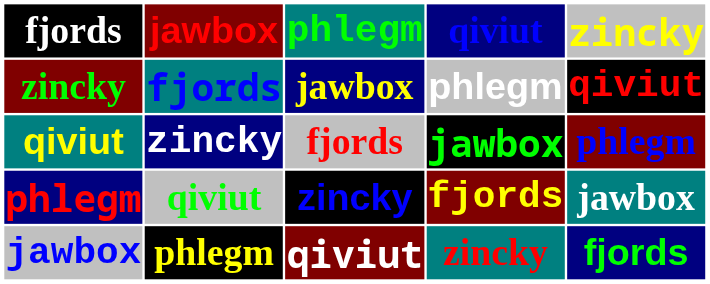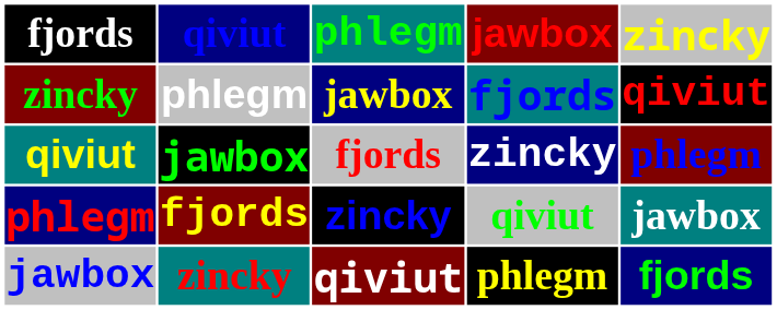 <table style="margin: 1em auto 1em auto; font-size:200%; width:300px">
 <tr>
 <td style="background:black; color:white; font-family:georgia, times, noto serif, serif; font-weight:bold" align=center>fjords</td>
+<td style="background:navy; color:blue; font-family:comic sans ms, cursive; font-weight:bold" align=center>qiviut</td>
+<td style="background:teal; color:lime; font-family:courier new, courier, monospace; font-weight:bold" align=center>phlegm</td>
 <td style="background:maroon; color:red; font-family:verdana, helvetica, noto sans, sans-serif; font-weight:bold" align=center>jawbox</td>
-<td style="background:teal; color:lime; font-family:courier new, courier, monospace; font-weight:bold" align=center>phlegm</td>
-<td style="background:navy; color:blue; font-family:comic sans ms, cursive; font-weight:bold" align=center>qiviut</td>
 <td style="background:silver; color:yellow; font-family:impact, charcoal, noto sans mono, inconsolata,  fantasy; font-weight:bold" align=center>zincky</td>
 </tr>
 <tr>
 <td style="background:maroon; color:lime; font-family:comic sans ms, cursive; font-weight:bold" align=center>zincky</td>
+<td style="background:silver; color:white; font-family:verdana, helvetica, noto sans, sans-serif; font-weight:bold" align=center>phlegm</td>
+<td style="background:navy; color:yellow; font-family:georgia, times, noto serif, serif; font-weight:bold" align=center>jawbox</td>
 <td style="background:teal; color:blue; font-family:impact, charcoal, noto sans mono, inconsolata,  fantasy; font-weight:bold" align=center>fjords</td>
-<td style="background:navy; color:yellow; font-family:georgia, times, noto serif, serif; font-weight:bold" align=center>jawbox</td>
-<td style="background:silver; color:white; font-family:verdana, helvetica, noto sans, sans-serif; font-weight:bold" align=center>phlegm</td>
 <td style="background:black; color:red; font-family:courier new, courier, monospace; font-weight:bold" align=center>qiviut</td>
 </tr>
 <tr>
 <td style="background:teal; color:yellow; font-family:verdana, helvetica, noto sans, sans-serif; font-weight:bold" align=center>qiviut</td>
+<td style="background:black; color:lime; font-family:impact, charcoal, noto sans mono, inconsolata,  fantasy; font-weight:bold" align=center>jawbox</td>
+<td style="background:silver; color:red; font-family:comic sans ms, cursive; font-weight:bold" align=center>fjords</td>
 <td style="background:navy; color:white; font-family:courier new, courier, monospace; font-weight:bold" align=center>zincky</td>
-<td style="background:silver; color:red; font-family:comic sans ms, cursive; font-weight:bold" align=center>fjords</td>
-<td style="background:black; color:lime; font-family:impact, charcoal, noto sans mono, inconsolata,  fantasy; font-weight:bold" align=center>jawbox</td>
 <td style="background:maroon; color:blue; font-family:georgia, times, noto serif, serif; font-weight:bold" align=center>phlegm</td>
 </tr>
 <tr>
 <td style="background:navy; color:red; font-family:impact, charcoal, noto sans mono, inconsolata,  fantasy; font-weight:bold" align=center>phlegm</td>
+<td style="background:maroon; color:yellow; font-family:courier new, courier, monospace; font-weight:bold" align=center>fjords</td>
+<td style="background:black; color:blue; font-family:verdana, helvetica, noto sans, sans-serif; font-weight:bold" align=center>zincky</td>
 <td style="background:silver; color:lime; font-family:georgia, times, noto serif, serif; font-weight:bold" align=center>qiviut</td>
-<td style="background:black; color:blue; font-family:verdana, helvetica, noto sans, sans-serif; font-weight:bold" align=center>zincky</td>
-<td style="background:maroon; color:yellow; font-family:courier new, courier, monospace; font-weight:bold" align=center>fjords</td>
 <td style="background:teal; color:white; font-family:comic sans ms, cursive; font-weight:bold" align=center>jawbox</td>
 </tr>
 <tr>
 <td style="background:silver; color:blue; font-family:courier new, courier, monospace; font-weight:bold" align=center>jawbox</td>
+<td style="background:teal; color:red; font-family:georgia, times, noto serif, serif; font-weight:bold" align=center>zincky</td>
+<td style="background:maroon; color:white; font-family:impact, charcoal, noto sans mono, inconsolata,  fantasy; font-weight:bold" align=center>qiviut</td>
 <td style="background:black; color:yellow; font-family:comic sans ms, cursive; font-weight:bold" align=center>phlegm</td>
-<td style="background:maroon; color:white; font-family:impact, charcoal, noto sans mono, inconsolata,  fantasy; font-weight:bold" align=center>qiviut</td>
-<td style="background:teal; color:red; font-family:georgia, times, noto serif, serif; font-weight:bold" align=center>zincky</td>
 <td style="background:navy; color:lime; font-family:verdana, helvetica, noto sans, sans-serif; font-weight:bold" align=center>fjords</td>
 </tr>
 </table>
